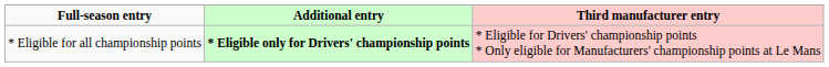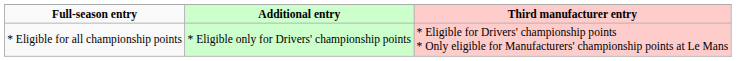 <table class="wikitable" style="font-size: 85%;">
 <tr>
 </tr>
 <tr>
 <td align="center"><strong>Full-season entry</strong></td>
 <td align="center" style="background-color: #ccffcc"><strong>Additional entry</strong></td>
 <td align="center" style="background-color: #ffcccc"><strong>Third manufacturer entry</strong></td>
 </tr>
 <tr>
 <td>* Eligible for all championship points</td>
-<td style="background-color: #ccffcc"><strong>* Eligible only for Drivers' championship points</strong></td>
+<td style="background-color: #ccffcc">* Eligible only for Drivers' championship points</td>
 <td style="background-color: #ffcccc">* Eligible for Drivers' championship points<br>* Only eligible for Manufacturers' championship points at Le Mans</td>
 </tr>
 </table>
